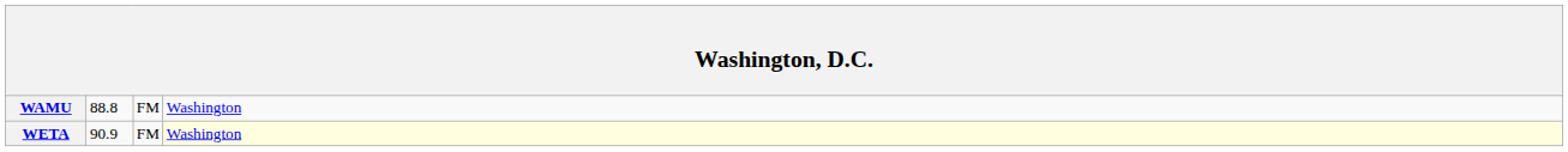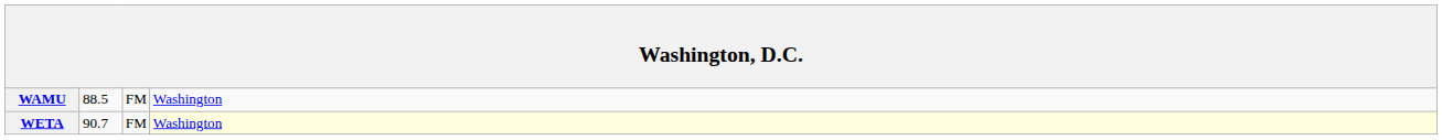 <table class="wikitable mw-collapsible" style="width:100%">
 <tr>
 <th scope="col" colspan="4"><br><h2>Washington, D.C.</h2></th>
 </tr>
 <tr>
 <th scope="row" style="width: 75px;"><a href='#'>WAMU</a></th>
-<td style="width: 40px;">88.8</td>
+<td style="width: 40px;">88.5</td>
 <td style="width: 21px;">FM</td>
 <td><a href='#'>Washington</a></td>
 </tr>
 <tr>
 <th scope="row"><a href='#'>WETA</a></th>
-<td>90.9</td>
+<td>90.7</td>
 <td>FM</td>
 <td style="background: lightyellow;"><a href='#'>Washington</a></td>
 </tr>
 </table>
